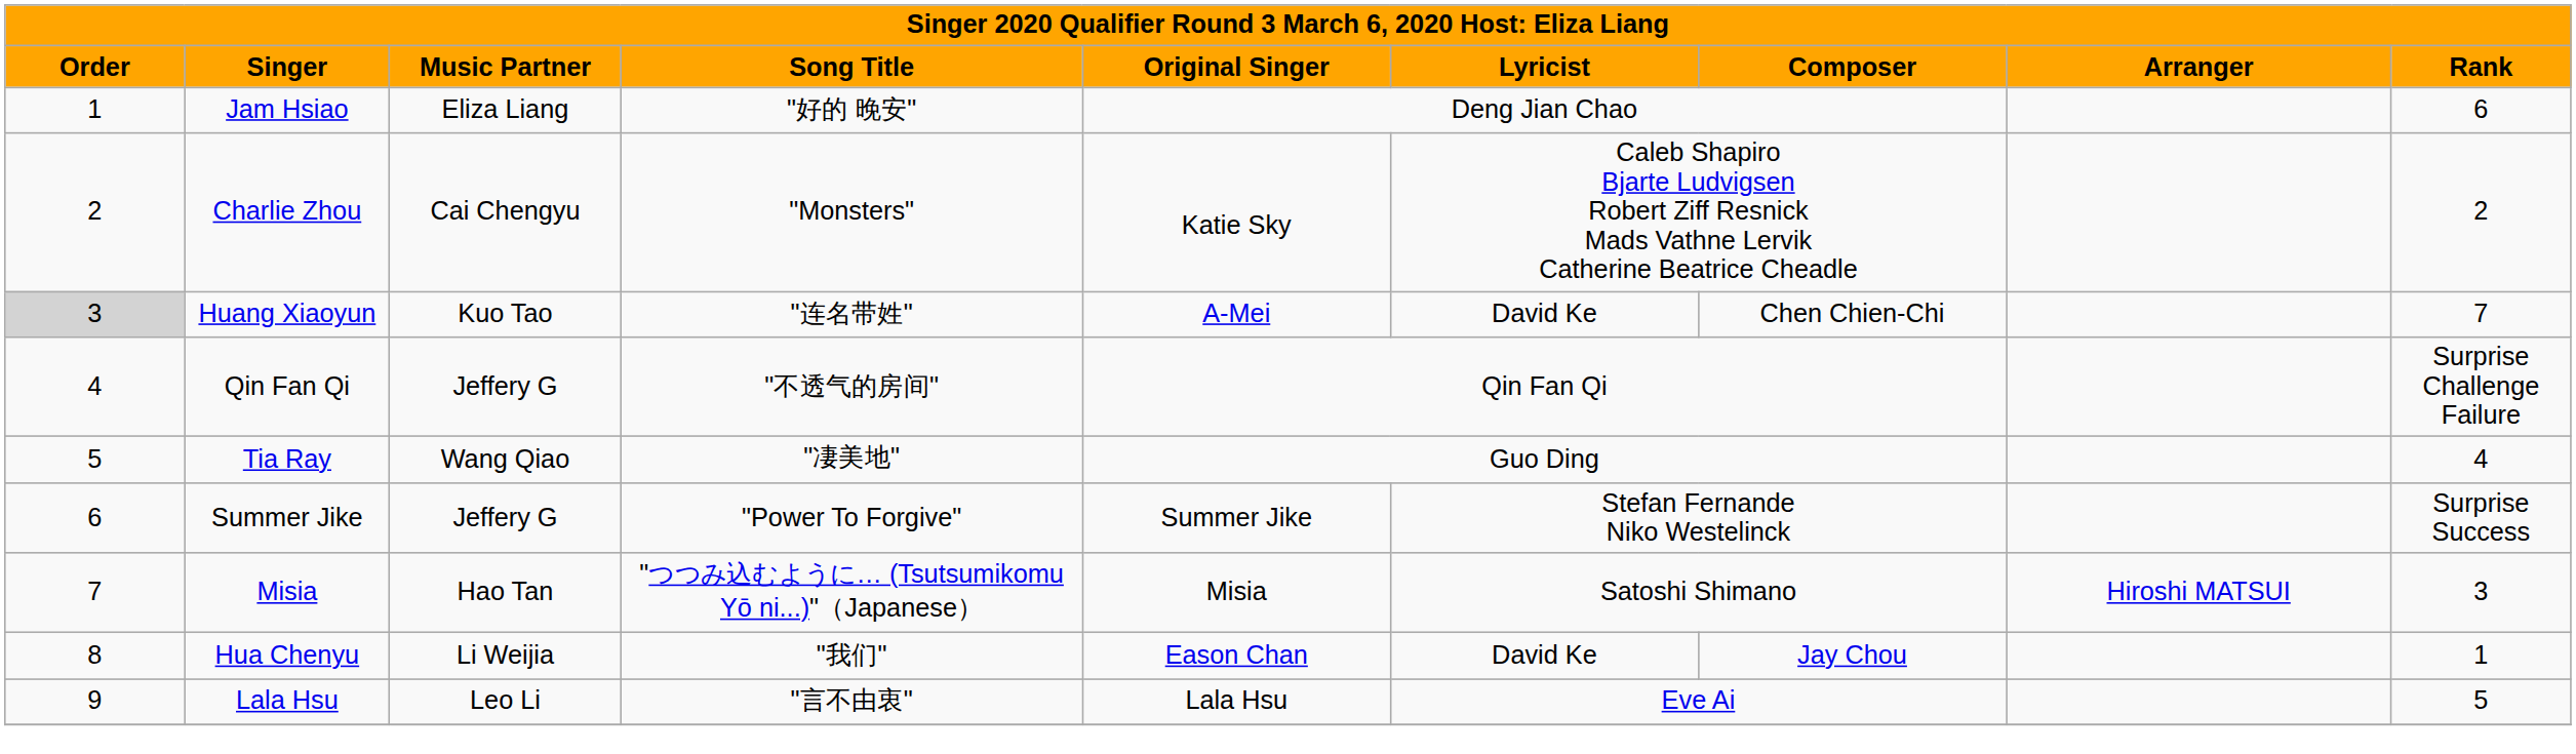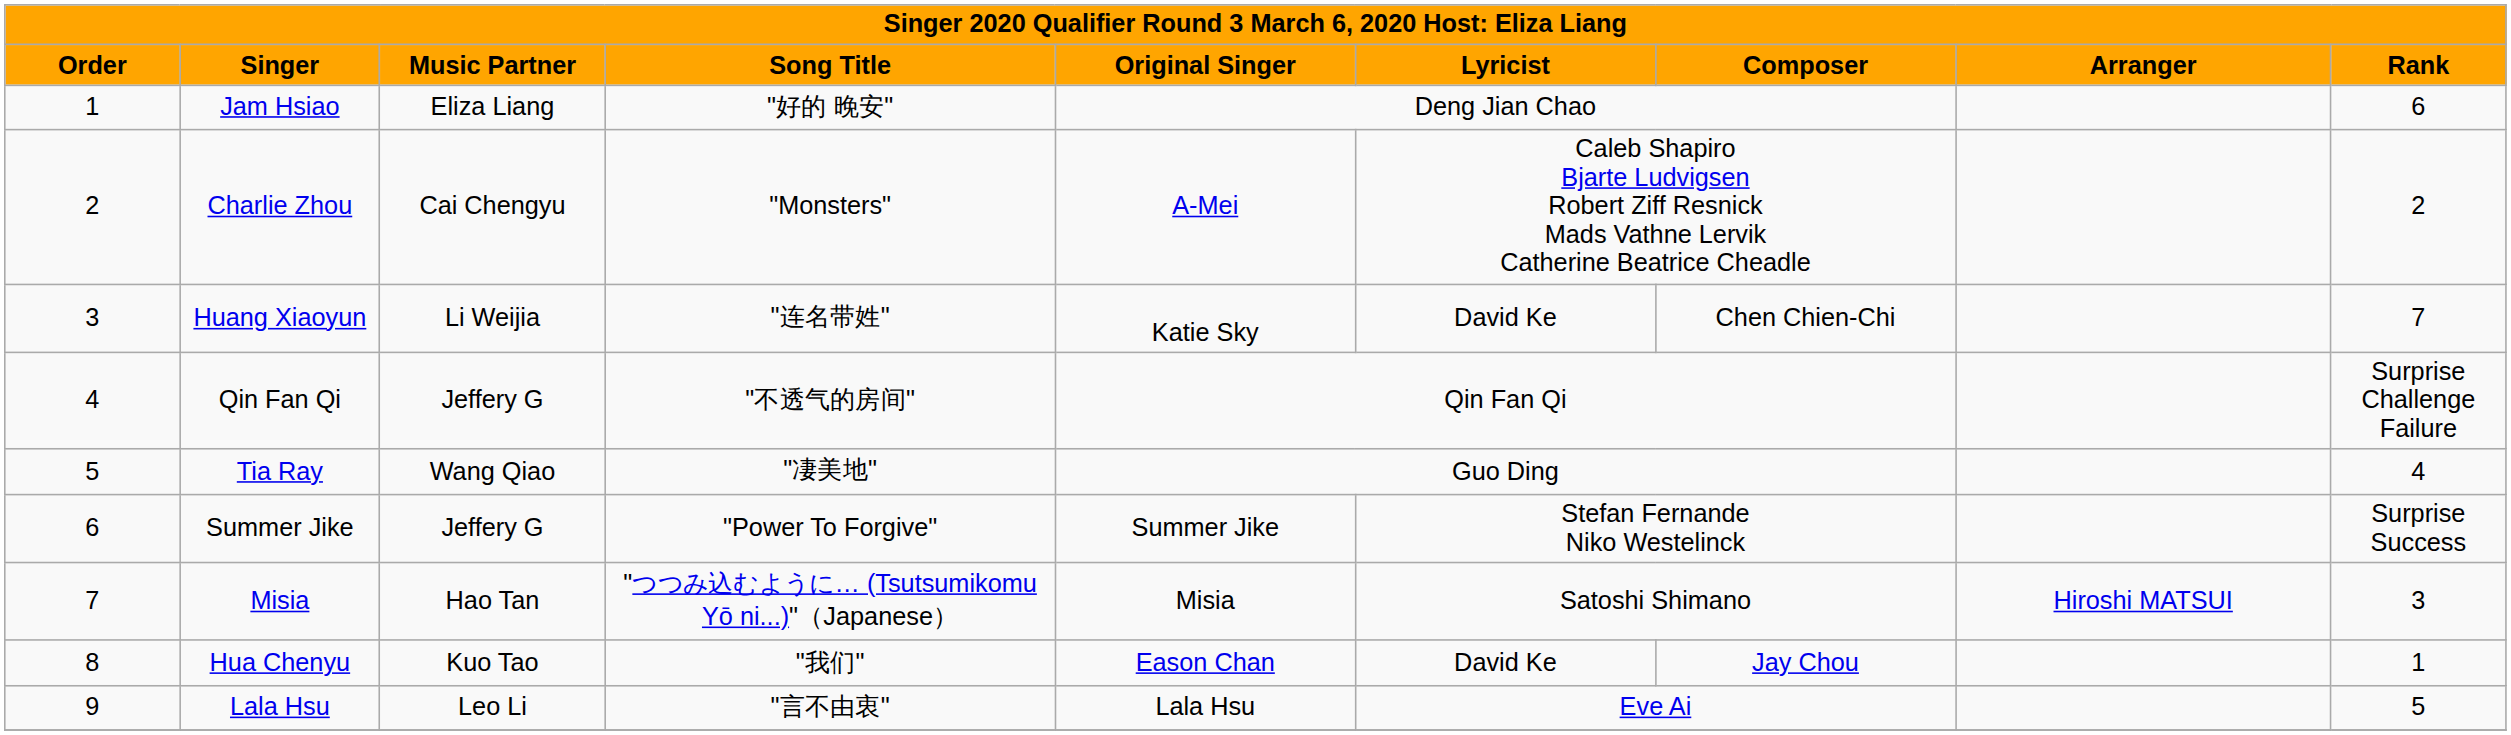 <table class="wikitable sortable mw-collapsible" width="100%" style="text-align:center">
 <tr align=center style="background:orange">
 <td colspan="9"><div><strong>Singer 2020 Qualifier Round 3 March 6, 2020 Host: Eliza Liang</strong></div></td>
 </tr>
 <tr style="background:orange">
 <td style="width:7%"><strong>Order</strong></td>
 <td style="width:8%"><strong>Singer</strong></td>
 <td style="width:9%"><strong>Music Partner</strong></td>
 <td style="width:18%"><strong>Song Title</strong></td>
 <td style="width:12%"><strong>Original Singer</strong></td>
 <td style="width:12% "><strong>Lyricist</strong></td>
 <td style="width:12%"><strong>Composer</strong></td>
 <td style="width:15%"><strong>Arranger</strong></td>
 <td style="width:7%"><strong>Rank</strong></td>
 </tr>
 <tr>
 <td>1</td>
 <td><a href='#'>Jam Hsiao</a></td>
 <td>Eliza Liang</td>
 <td>"好的 晚安"</td>
 <td colspan=3>Deng Jian Chao</td>
 <td></td>
 <td>6</td>
 </tr>
 <tr>
 <td>2</td>
 <td><a href='#'>Charlie Zhou</a></td>
 <td>Cai Chengyu</td>
 <td>"Monsters"</td>
-<td><br>Katie Sky</td>
+<td><a href='#'>A-Mei</a></td>
 <td colspan=2>Caleb Shapiro<br><a href='#'>Bjarte Ludvigsen</a><br>Robert Ziff Resnick<br>Mads Vathne Lervik<br>Catherine Beatrice Cheadle</td>
 <td></td>
 <td>2</td>
 </tr>
 <tr>
-<td style="background: lightgrey;">3</td>
+<td>3</td>
 <td><a href='#'>Huang Xiaoyun</a></td>
-<td>Kuo Tao</td>
+<td>Li Weijia</td>
 <td>"连名带姓"</td>
-<td><a href='#'>A-Mei</a></td>
+<td><br>Katie Sky</td>
 <td>David Ke</td>
 <td>Chen Chien-Chi</td>
 <td></td>
 <td>7</td>
 </tr>
 <tr>
 <td>4</td>
 <td>Qin Fan Qi</td>
 <td>Jeffery G</td>
 <td>"不透气的房间"</td>
 <td colspan=3>Qin Fan Qi</td>
 <td></td>
 <td>Surprise Challenge Failure</td>
 </tr>
 <tr>
 <td>5</td>
 <td><a href='#'>Tia Ray</a></td>
 <td>Wang Qiao</td>
 <td>"凄美地"</td>
 <td colspan=3>Guo Ding</td>
 <td></td>
 <td>4</td>
 </tr>
 <tr>
 <td>6</td>
 <td>Summer Jike</td>
 <td>Jeffery G</td>
 <td>"Power To Forgive"</td>
 <td>Summer Jike</td>
 <td colspan=2>Stefan Fernande<br>Niko Westelinck</td>
 <td></td>
 <td>Surprise Success</td>
 </tr>
 <tr>
 <td>7</td>
 <td><a href='#'>Misia</a></td>
 <td>Hao Tan</td>
 <td>"<a href='#'>つつみ込むように… (Tsutsumikomu Yō ni...)</a>"（Japanese）</td>
 <td>Misia</td>
 <td colspan=2>Satoshi Shimano</td>
 <td><a href='#'>Hiroshi MATSUI</a></td>
 <td>3</td>
 </tr>
 <tr>
 <td>8</td>
 <td><a href='#'>Hua Chenyu</a></td>
-<td>Li Weijia</td>
+<td>Kuo Tao</td>
 <td>"我们"</td>
 <td><a href='#'>Eason Chan</a></td>
 <td>David Ke</td>
 <td><a href='#'>Jay Chou</a></td>
 <td></td>
 <td>1</td>
 </tr>
 <tr>
 <td>9</td>
 <td><a href='#'>Lala Hsu</a></td>
 <td>Leo Li</td>
 <td>"言不由衷"</td>
 <td>Lala Hsu</td>
 <td colspan=2><a href='#'>Eve Ai</a></td>
 <td></td>
 <td>5</td>
 </tr>
 <tr>
 </tr>
 </table>
